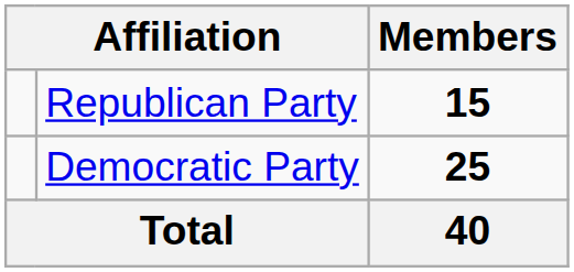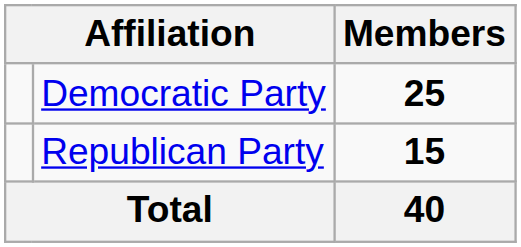 <table class="wikitable">
 <tr>
 <th colspan="2">Affiliation</th>
 <th>Members</th>
 </tr>
 <tr>
 <td style="background-color:"> </td>
-<td><a href='#'>Republican Party</a></td>
-<td style="text-align:center;"><strong>15</strong></td>
+<td><a href='#'>Democratic Party</a></td>
+<td style="text-align:center;"><strong>25</strong></td>
 </tr>
 <tr>
 <td style="background-color:"> </td>
-<td><a href='#'>Democratic Party</a></td>
-<td style="text-align:center;"><strong>25</strong></td>
+<td><a href='#'>Republican Party</a></td>
+<td style="text-align:center;"><strong>15</strong></td>
 </tr>
 <tr>
 <th colspan="2" style="text-align:center;">Total</th>
 <th style="text-align:center;">40</th>
 </tr>
 </table>
